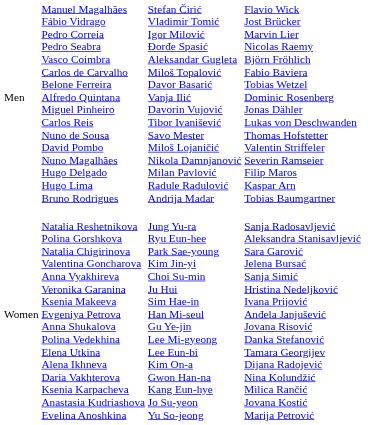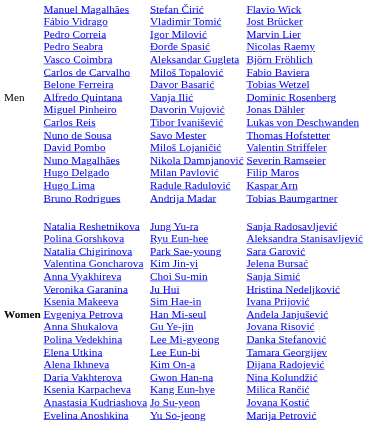 <table>
 <tr>
 <td>Men<br></td>
 <td><br><a href='#'>Manuel Magalhães</a><br><a href='#'>Fábio Vidrago</a><br><a href='#'>Pedro Correia</a><br><a href='#'>Pedro Seabra</a><br><a href='#'>Vasco Coimbra</a><br><a href='#'>Carlos de Carvalho</a><br><a href='#'>Belone Ferreira</a><br><a href='#'>Alfredo Quintana</a><br><a href='#'>Miguel Pinheiro</a><br><a href='#'>Carlos Reis</a><br><a href='#'>Nuno de Sousa</a><br><a href='#'>David Pombo</a><br><a href='#'>Nuno Magalhães</a><br><a href='#'>Hugo Delgado</a><br><a href='#'>Hugo Lima</a><br><a href='#'>Bruno Rodrigues</a></td>
 <td><br><a href='#'>Stefan Čirić</a><br><a href='#'>Vladimir Tomić</a><br><a href='#'>Igor Milović</a><br><a href='#'>Đorđe Spasić</a><br><a href='#'>Aleksandar Gugleta</a><br><a href='#'>Miloš Topalović</a><br><a href='#'>Davor Basarić</a><br><a href='#'>Vanja Ilić</a><br><a href='#'>Davorin Vujović</a><br><a href='#'>Tibor Ivanišević</a><br><a href='#'>Savo Mester</a><br><a href='#'>Miloš Lojaničić</a><br><a href='#'>Nikola Damnjanović</a><br><a href='#'>Milan Pavlović</a><br><a href='#'>Radule Radulović</a><br><a href='#'>Andrija Madar</a></td>
 <td><br><a href='#'>Flavio Wick</a><br><a href='#'>Jost Brücker</a><br><a href='#'>Marvin Lier</a><br><a href='#'>Nicolas Raemy</a><br><a href='#'>Björn Fröhlich</a><br><a href='#'>Fabio Baviera</a><br><a href='#'>Tobias Wetzel</a><br><a href='#'>Dominic Rosenberg</a><br><a href='#'>Jonas Dähler</a><br><a href='#'>Lukas von Deschwanden</a><br><a href='#'>Thomas Hofstetter</a><br><a href='#'>Valentin Striffeler</a><br><a href='#'>Severin Ramseier</a><br><a href='#'>Filip Maros</a><br><a href='#'>Kaspar Arn</a><br><a href='#'>Tobias Baumgartner</a></td>
 </tr>
 <tr>
-<td>Women<br></td>
+<td><strong>Women<br></strong></td>
 <td><br><a href='#'>Natalia Reshetnikova</a><br><a href='#'>Polina Gorshkova</a><br><a href='#'>Natalia Chigirinova</a><br><a href='#'>Valentina Goncharova</a><br><a href='#'>Anna Vyakhireva</a><br><a href='#'>Veronika Garanina</a><br><a href='#'>Ksenia Makeeva</a><br><a href='#'>Evgeniya Petrova</a><br><a href='#'>Anna Shukalova</a><br><a href='#'>Polina Vedekhina</a><br><a href='#'>Elena Utkina</a><br><a href='#'>Alena Ikhneva</a><br><a href='#'>Daria Vakhterova</a><br><a href='#'>Ksenia Karpacheva</a><br><a href='#'>Anastasia Kudriashova</a><br><a href='#'>Evelina Anoshkina</a></td>
 <td><br><a href='#'>Jung Yu-ra</a><br><a href='#'>Ryu Eun-hee</a><br><a href='#'>Park Sae-young</a><br><a href='#'>Kim Jin-yi</a><br><a href='#'>Choi Su-min</a><br><a href='#'>Ju Hui</a><br><a href='#'>Sim Hae-in</a><br><a href='#'>Han Mi-seul</a><br><a href='#'>Gu Ye-jin</a><br><a href='#'>Lee Mi-gyeong</a><br><a href='#'>Lee Eun-bi</a><br><a href='#'>Kim On-a</a><br><a href='#'>Gwon Han-na</a><br><a href='#'>Kang Eun-hye</a><br><a href='#'>Jo Su-yeon</a><br><a href='#'>Yu So-jeong</a></td>
 <td><br><a href='#'>Sanja Radosavljević</a><br><a href='#'>Aleksandra Stanisavljević</a><br><a href='#'>Sara Garović</a><br><a href='#'>Jelena Bursać</a><br><a href='#'>Sanja Simić</a><br><a href='#'>Hristina Nedeljković</a><br><a href='#'>Ivana Prijović</a><br><a href='#'>Anđela Janjušević</a><br><a href='#'>Jovana Risović</a><br><a href='#'>Danka Stefanović</a><br><a href='#'>Tamara Georgijev</a><br><a href='#'>Dijana Radojević</a><br><a href='#'>Nina Kolundžić</a><br><a href='#'>Milica Rančić</a><br><a href='#'>Jovana Kostić</a><br><a href='#'>Marija Petrović</a></td>
 </tr>
 </table>
